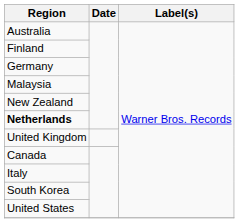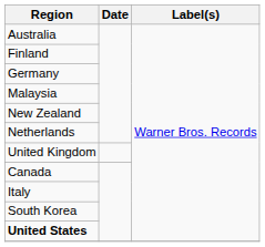 <table class="wikitable sortable">
 <tr>
 <th>Region</th>
 <th>Date</th>
 <th>Label(s)</th>
 </tr>
 <tr>
 <td>Australia</td>
 <td rowspan="6"></td>
 <td rowspan=11><a href='#'>Warner Bros. Records</a></td>
 </tr>
 <tr>
 <td>Finland</td>
 </tr>
 <tr>
 <td>Germany</td>
 </tr>
 <tr>
 <td>Malaysia</td>
 </tr>
 <tr>
 <td>New Zealand</td>
 </tr>
 <tr>
-<td><strong>Netherlands</strong></td>
+<td>Netherlands</td>
 </tr>
 <tr>
 <td>United Kingdom</td>
 <td></td>
 </tr>
 <tr>
 <td>Canada</td>
 <td rowspan="4"></td>
 </tr>
 <tr>
 <td>Italy</td>
 </tr>
 <tr>
 <td>South Korea</td>
 </tr>
 <tr>
-<td>United States</td>
+<td><strong>United States</strong></td>
 </tr>
 <tr>
 </tr>
 </table>
